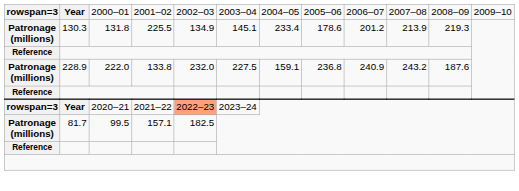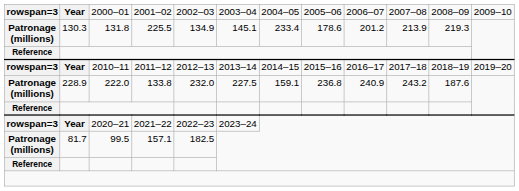 <table class="wikitable" style="text-align:right; white-space:nowrap;">
 <tr>
 <th>rowspan=3 </th>
 <th>Year</th>
 <td>2000–01</td>
 <td>2001–02</td>
 <td>2002–03</td>
 <td>2003–04</td>
 <td>2004–05</td>
 <td>2005–06</td>
 <td>2006–07</td>
 <td>2007–08</td>
 <td>2008–09</td>
 <td>2009–10</td>
 </tr>
 <tr style="vertical-align: top;">
 <th>Patronage<br><span>(millions)</span></th>
 <td>130.3</td>
 <td>131.8</td>
 <td>225.5</td>
 <td>134.9</td>
 <td>145.1<br></td>
 <td>233.4</td>
 <td>178.6</td>
 <td>201.2</td>
 <td>213.9</td>
 <td>219.3</td>
 </tr>
 <tr style="font-size:85%">
 <th>Reference</th>
 <td colspan="10"><br></td>
 </tr>
+<tr style="border-top:2px solid">
+<th>rowspan=3 </th>
+<th>Year</th>
+<td>2010–11</td>
+<td>2011–12</td>
+<td>2012–13</td>
+<td>2013–14</td>
+<td>2014–15</td>
+<td>2015–16</td>
+<td>2016–17</td>
+<td>2017–18</td>
+<td>2018–19</td>
+<td>2019–20</td>
+</tr>
 <tr style="vertical-align: top;">
 <th>Patronage<br><span>(millions)</span></th>
 <td>228.9</td>
 <td>222.0</td>
 <td>133.8</td>
 <td>232.0</td>
 <td>227.5</td>
 <td>159.1<br></td>
 <td>236.8</td>
 <td>240.9</td>
 <td>243.2</td>
 <td>187.6<br></td>
 </tr>
 <tr style="font-size:85%">
 <th>Reference</th>
 <td colspan="3"><br></td>
 <td><br></td>
 <td><br></td>
 <td><br></td>
 <td><br></td>
 <td><br></td>
 <td><br></td>
 <td><br></td>
 </tr>
 <tr style="border-top:2px solid">
 <th>rowspan=3 </th>
 <th>Year</th>
 <td>2020–21</td>
 <td>2021–22</td>
-<td style="background: lightsalmon;">2022–23</td>
+<td>2022–23</td>
 <td>2023–24</td>
 </tr>
 <tr style="vertical-align: top;">
 <th>Patronage<br><span>(millions)</span></th>
 <td>81.7 <br></td>
 <td>99.5 <br></td>
 <td>157.1 <br></td>
 <td>182.5</td>
 </tr>
 <tr style="font-size:85%">
 <th>Reference<br></th>
 <td><br></td>
 <td><br></td>
 <td><br></td>
 <td></td>
 </tr>
 <tr>
 <td colspan="12" style="text-align:center;"><br></td>
 </tr>
 </table>
